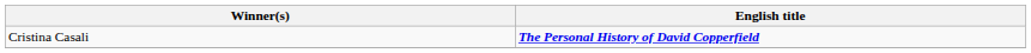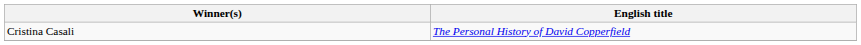 <table class="wikitable" width="95%" cellpadding="5">
 <tr>
 <th width="18%">Winner(s)</th>
 <th width="18%">English title</th>
 </tr>
 <tr>
 <td>  Cristina Casali</td>
-<td><strong><em><a href='#'>The Personal History of David Copperfield</a></em></strong></td>
+<td><em><a href='#'>The Personal History of David Copperfield</a></em></td>
 </tr>
 <tr>
 </tr>
 </table>
